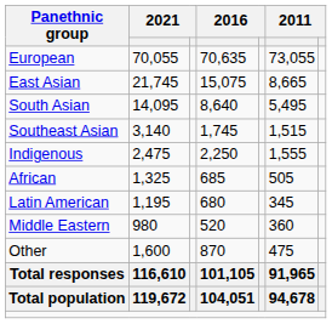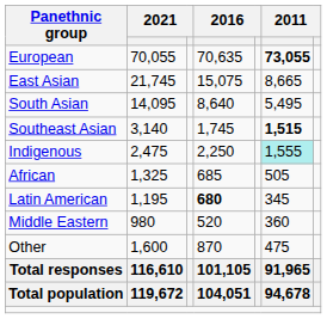 <table class="wikitable collapsible sortable">
 <tr>
 <th rowspan="2"><a href='#'>Panethnic</a><br>group</th>
 <th colspan="2">2021</th>
 <th colspan="2">2016</th>
 <th colspan="2">2011</th>
 </tr>
 <tr>
 <th><a href='#'></a></th>
 <th></th>
 <th></th>
 <th></th>
 <th></th>
 <th></th>
 </tr>
 <tr>
 <td><a href='#'>European</a></td>
 <td>70,055</td>
 <td></td>
 <td>70,635</td>
 <td></td>
-<td>73,055</td>
+<td><strong>73,055</strong></td>
 <td></td>
 </tr>
 <tr>
 <td><a href='#'>East Asian</a></td>
 <td>21,745</td>
 <td></td>
 <td>15,075</td>
 <td></td>
 <td>8,665</td>
 <td></td>
 </tr>
 <tr>
 <td><a href='#'>South Asian</a></td>
 <td>14,095</td>
 <td></td>
 <td>8,640</td>
 <td></td>
 <td>5,495</td>
 <td></td>
 </tr>
 <tr>
 <td><a href='#'>Southeast Asian</a></td>
 <td>3,140</td>
 <td></td>
 <td>1,745</td>
 <td></td>
-<td>1,515</td>
+<td><strong>1,515</strong></td>
 <td></td>
 </tr>
 <tr>
 <td><a href='#'>Indigenous</a></td>
 <td>2,475</td>
 <td></td>
 <td>2,250</td>
 <td></td>
-<td>1,555</td>
+<td style="background: paleturquoise;">1,555</td>
 <td></td>
 </tr>
 <tr>
 <td><a href='#'>African</a></td>
 <td>1,325</td>
 <td></td>
 <td>685</td>
 <td></td>
 <td>505</td>
 <td></td>
 </tr>
 <tr>
 <td><a href='#'>Latin American</a></td>
 <td>1,195</td>
 <td></td>
-<td>680</td>
+<td><strong>680</strong></td>
 <td></td>
 <td>345</td>
 <td></td>
 </tr>
 <tr>
 <td><a href='#'>Middle Eastern</a></td>
 <td>980</td>
 <td></td>
 <td>520</td>
 <td></td>
 <td>360</td>
 <td></td>
 </tr>
 <tr>
 <td>Other</td>
 <td>1,600</td>
 <td></td>
 <td>870</td>
 <td></td>
 <td>475</td>
 <td></td>
 </tr>
 <tr>
 <th>Total responses</th>
 <th>116,610</th>
 <th></th>
 <th>101,105</th>
 <th></th>
 <th>91,965</th>
 <th></th>
 </tr>
 <tr>
 <th>Total population</th>
 <th>119,672</th>
 <th></th>
 <th>104,051</th>
 <th></th>
 <th>94,678</th>
 <th></th>
 </tr>
 <tr class="sortbottom">
 <td colspan="15"></td>
 </tr>
 </table>
